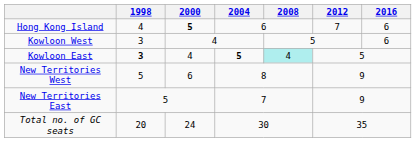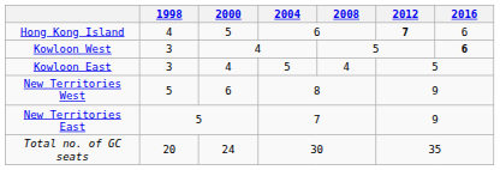 <table class="wikitable" style="text-align: center;">
 <tr>
 <th style=width:12em></th>
 <th style=width:5em><a href='#'>1998</a></th>
 <th style=width:5em><a href='#'>2000</a></th>
 <th style=width:5em><a href='#'>2004</a></th>
 <th style=width:5em><a href='#'>2008</a></th>
 <th style=width:5em><a href='#'>2012</a></th>
 <th style=width:5em><a href='#'>2016</a></th>
 </tr>
 <tr>
 <td><a href='#'>Hong Kong Island</a></td>
 <td>4</td>
-<td><strong>5</strong></td>
+<td>5</td>
 <td colspan="2">6</td>
-<td>7</td>
+<td><strong>7</strong></td>
 <td>6</td>
 </tr>
 <tr>
 <td><a href='#'>Kowloon West</a></td>
 <td>3</td>
 <td colspan="2">4</td>
 <td colspan="2">5</td>
-<td>6</td>
+<td><strong>6</strong></td>
 </tr>
 <tr>
 <td><a href='#'>Kowloon East</a></td>
-<td><strong>3</strong></td>
+<td>3</td>
 <td>4</td>
-<td><strong>5</strong></td>
-<td style="background: paleturquoise;">4</td>
+<td>5</td>
+<td>4</td>
 <td colspan="2">5</td>
 </tr>
 <tr>
 <td><a href='#'>New Territories West</a></td>
 <td>5</td>
 <td>6</td>
 <td colspan="2">8</td>
 <td colspan="2">9</td>
 </tr>
 <tr>
 <td><a href='#'>New Territories East</a></td>
 <td colspan="2">5</td>
 <td colspan="2">7</td>
 <td colspan="2">9</td>
 </tr>
 <tr>
 <td><em>Total no. of GC seats</em></td>
 <td>20</td>
 <td>24</td>
 <td colspan="2">30</td>
 <td colspan="2">35</td>
 </tr>
 </table>
